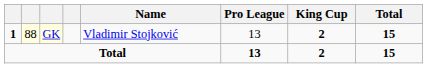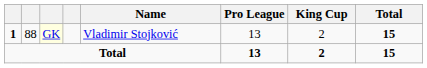 <table class="wikitable" style="text-align:center">
 <tr>
 <th width=15></th>
 <th width=15></th>
 <th width=15></th>
 <th width=15></th>
 <th width=175>Name</th>
 <th width=80>Pro League</th>
 <th width=80>King Cup</th>
 <th width=80>Total</th>
 </tr>
 <tr>
 <td><strong>1</strong></td>
-<td style="background: lightyellow;">88</td>
+<td>88</td>
 <td style="background: lightyellow;"><a href='#'>GK</a></td>
 <td></td>
 <td align=left><a href='#'>Vladimir Stojković</a></td>
 <td>13</td>
-<td><strong>2</strong></td>
+<td>2</td>
 <td><strong>15</strong></td>
 </tr>
 <tr>
 <td colspan=5><strong>Total</strong></td>
 <td><strong>13</strong></td>
 <td><strong>2</strong></td>
 <td><strong>15</strong></td>
 </tr>
 </table>
